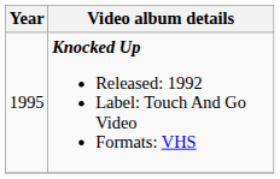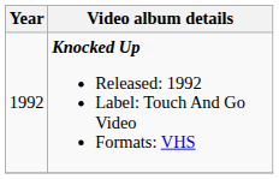 <table class="wikitable">
 <tr>
 <th>Year</th>
 <th style="width:200px;">Video album details</th>
 </tr>
 <tr>
-<td>1995</td>
+<td>1992</td>
 <td><strong><em>Knocked Up</em></strong><br><ul><li>Released: 1992</li><li>Label: Touch And Go Video</li><li>Formats: <a href='#'>VHS</a></li></ul></td>
 </tr>
 <tr>
 </tr>
 </table>
